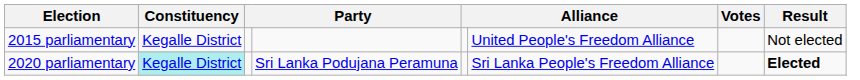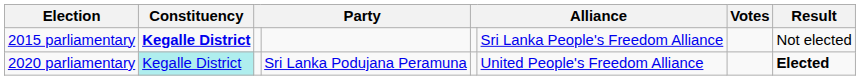 <table class="wikitable" style="text-align:left;">
 <tr>
 <th scope=col>Election</th>
 <th scope=col>Constituency</th>
 <th scope=col colspan="2">Party</th>
 <th scope=col colspan="2">Alliance</th>
 <th scope=col>Votes</th>
 <th scope=col>Result</th>
 </tr>
 <tr>
 <td><a href='#'>2015 parliamentary</a></td>
-<td><a href='#'>Kegalle District</a></td>
+<td><strong><a href='#'>Kegalle District</a></strong></td>
 <td></td>
 <td></td>
 <td style="background:"></td>
-<td><a href='#'>United People's Freedom Alliance</a></td>
+<td><a href='#'>Sri Lanka People's Freedom Alliance</a></td>
 <td align=right></td>
 <td>Not elected</td>
 </tr>
 <tr>
 <td><a href='#'>2020 parliamentary</a></td>
 <td style="background: paleturquoise;"><a href='#'>Kegalle District</a></td>
 <td style="background:"></td>
 <td><a href='#'>Sri Lanka Podujana Peramuna</a></td>
 <td style="background:"></td>
-<td><a href='#'>Sri Lanka People's Freedom Alliance</a></td>
+<td><a href='#'>United People's Freedom Alliance</a></td>
 <td align=right></td>
 <td><strong>Elected</strong></td>
 </tr>
 </table>
